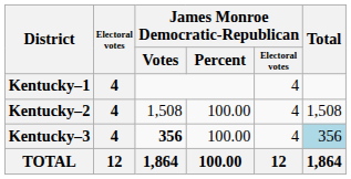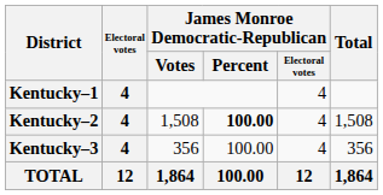 <table class="wikitable sortable">
 <tr>
 <th rowspan=2>District</th>
 <th rowspan=2 style="font-size: 60%">Electoral<br>votes</th>
 <th colspan=3>James Monroe<br>Democratic-Republican</th>
 <th rowspan=2>Total</th>
 </tr>
 <tr>
 <th>Votes</th>
 <th>Percent</th>
 <th style="font-size: 60%">Electoral<br>votes</th>
 </tr>
 <tr>
 <th>Kentucky–1</th>
 <th>4</th>
 <td align=right colspan=2></td>
 <td align=right>4</td>
 <td align=right></td>
 </tr>
 <tr>
 <th>Kentucky–2</th>
 <th>4</th>
 <td align=right>1,508</td>
-<td align=right>100.00</td>
+<td align=right><strong>100.00</strong></td>
 <td align=right>4</td>
 <td align=right>1,508</td>
 </tr>
 <tr>
 <th>Kentucky–3</th>
 <th>4</th>
-<td align=right><strong>356</strong></td>
+<td align=right>356</td>
 <td align=right>100.00</td>
 <td align=right>4</td>
-<td align=right style="background: lightblue;">356</td>
+<td align=right>356</td>
 </tr>
 <tr>
 <th>TOTAL</th>
 <th>12</th>
 <th>1,864</th>
 <th>100.00</th>
 <th>12</th>
 <th>1,864</th>
 </tr>
 </table>
